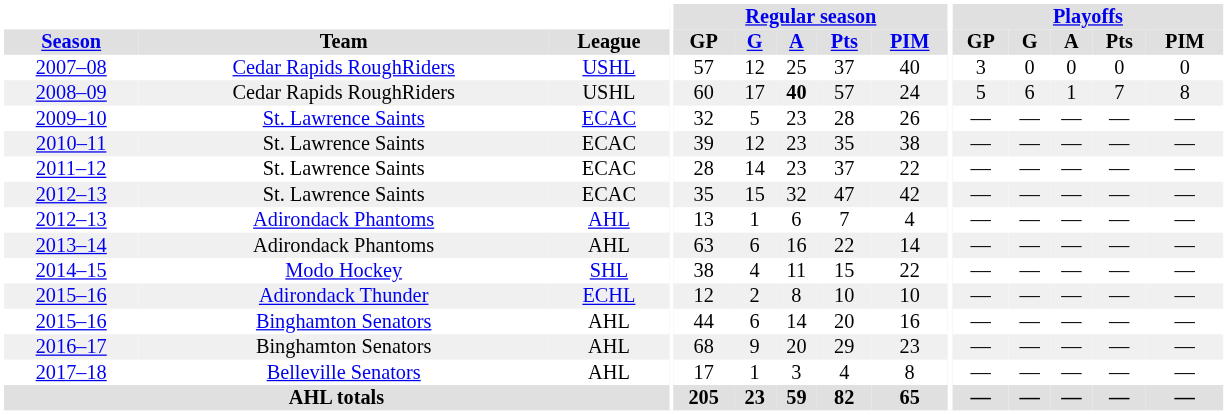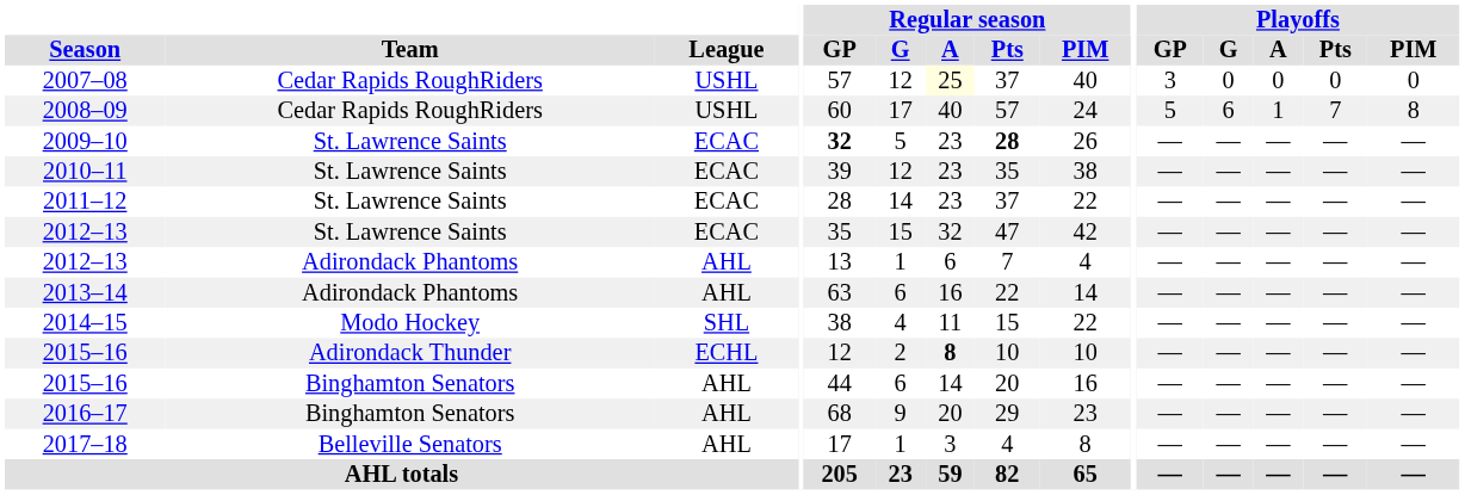 <table border="0" cellpadding="1" cellspacing="0" style="text-align:center; width:60em">
 <tr bgcolor="#e0e0e0">
 <th colspan="3" bgcolor="#ffffff"></th>
 <th rowspan="99" bgcolor="#ffffff"></th>
 <th colspan="5"><a href='#'>Regular season</a></th>
 <th rowspan="99" bgcolor="#ffffff"></th>
 <th colspan="5"><a href='#'>Playoffs</a></th>
 </tr>
 <tr bgcolor="#e0e0e0">
 <th><a href='#'>Season</a></th>
 <th>Team</th>
 <th>League</th>
 <th>GP</th>
 <th><a href='#'>G</a></th>
 <th><a href='#'>A</a></th>
 <th><a href='#'>Pts</a></th>
 <th><a href='#'>PIM</a></th>
 <th>GP</th>
 <th>G</th>
 <th>A</th>
 <th>Pts</th>
 <th>PIM</th>
 </tr>
 <tr>
 <td><a href='#'>2007–08</a></td>
 <td><a href='#'>Cedar Rapids RoughRiders</a></td>
 <td><a href='#'>USHL</a></td>
 <td>57</td>
 <td>12</td>
-<td>25</td>
+<td style="background: lightyellow;">25</td>
 <td>37</td>
 <td>40</td>
 <td>3</td>
 <td>0</td>
 <td>0</td>
 <td>0</td>
 <td>0</td>
 </tr>
 <tr bgcolor="#f0f0f0">
 <td><a href='#'>2008–09</a></td>
 <td>Cedar Rapids RoughRiders</td>
 <td>USHL</td>
 <td>60</td>
 <td>17</td>
-<td><strong>40</strong></td>
+<td>40</td>
 <td>57</td>
 <td>24</td>
 <td>5</td>
 <td>6</td>
 <td>1</td>
 <td>7</td>
 <td>8</td>
 </tr>
 <tr>
 <td><a href='#'>2009–10</a></td>
 <td><a href='#'>St. Lawrence Saints</a></td>
 <td><a href='#'>ECAC</a></td>
-<td>32</td>
+<td><strong>32</strong></td>
 <td>5</td>
 <td>23</td>
-<td>28</td>
+<td><strong>28</strong></td>
 <td>26</td>
 <td>—</td>
 <td>—</td>
 <td>—</td>
 <td>—</td>
 <td>—</td>
 </tr>
 <tr bgcolor="#f0f0f0">
 <td><a href='#'>2010–11</a></td>
 <td>St. Lawrence Saints</td>
 <td>ECAC</td>
 <td>39</td>
 <td>12</td>
 <td>23</td>
 <td>35</td>
 <td>38</td>
 <td>—</td>
 <td>—</td>
 <td>—</td>
 <td>—</td>
 <td>—</td>
 </tr>
 <tr>
 <td><a href='#'>2011–12</a></td>
 <td>St. Lawrence Saints</td>
 <td>ECAC</td>
 <td>28</td>
 <td>14</td>
 <td>23</td>
 <td>37</td>
 <td>22</td>
 <td>—</td>
 <td>—</td>
 <td>—</td>
 <td>—</td>
 <td>—</td>
 </tr>
 <tr bgcolor="#f0f0f0">
 <td><a href='#'>2012–13</a></td>
 <td>St. Lawrence Saints</td>
 <td>ECAC</td>
 <td>35</td>
 <td>15</td>
 <td>32</td>
 <td>47</td>
 <td>42</td>
 <td>—</td>
 <td>—</td>
 <td>—</td>
 <td>—</td>
 <td>—</td>
 </tr>
 <tr>
 <td><a href='#'>2012–13</a></td>
 <td><a href='#'>Adirondack Phantoms</a></td>
 <td><a href='#'>AHL</a></td>
 <td>13</td>
 <td>1</td>
 <td>6</td>
 <td>7</td>
 <td>4</td>
 <td>—</td>
 <td>—</td>
 <td>—</td>
 <td>—</td>
 <td>—</td>
 </tr>
 <tr bgcolor="#f0f0f0">
 <td><a href='#'>2013–14</a></td>
 <td>Adirondack Phantoms</td>
 <td>AHL</td>
 <td>63</td>
 <td>6</td>
 <td>16</td>
 <td>22</td>
 <td>14</td>
 <td>—</td>
 <td>—</td>
 <td>—</td>
 <td>—</td>
 <td>—</td>
 </tr>
 <tr>
 <td><a href='#'>2014–15</a></td>
 <td><a href='#'>Modo Hockey</a></td>
 <td><a href='#'>SHL</a></td>
 <td>38</td>
 <td>4</td>
 <td>11</td>
 <td>15</td>
 <td>22</td>
 <td>—</td>
 <td>—</td>
 <td>—</td>
 <td>—</td>
 <td>—</td>
 </tr>
 <tr bgcolor="#f0f0f0">
 <td><a href='#'>2015–16</a></td>
 <td><a href='#'>Adirondack Thunder</a></td>
 <td><a href='#'>ECHL</a></td>
 <td>12</td>
 <td>2</td>
-<td>8</td>
+<td><strong>8</strong></td>
 <td>10</td>
 <td>10</td>
 <td>—</td>
 <td>—</td>
 <td>—</td>
 <td>—</td>
 <td>—</td>
 </tr>
 <tr>
 <td><a href='#'>2015–16</a></td>
 <td><a href='#'>Binghamton Senators</a></td>
 <td>AHL</td>
 <td>44</td>
 <td>6</td>
 <td>14</td>
 <td>20</td>
 <td>16</td>
 <td>—</td>
 <td>—</td>
 <td>—</td>
 <td>—</td>
 <td>—</td>
 </tr>
 <tr bgcolor="#f0f0f0">
 <td><a href='#'>2016–17</a></td>
 <td>Binghamton Senators</td>
 <td>AHL</td>
 <td>68</td>
 <td>9</td>
 <td>20</td>
 <td>29</td>
 <td>23</td>
 <td>—</td>
 <td>—</td>
 <td>—</td>
 <td>—</td>
 <td>—</td>
 </tr>
 <tr>
 <td><a href='#'>2017–18</a></td>
 <td><a href='#'>Belleville Senators</a></td>
 <td>AHL</td>
 <td>17</td>
 <td>1</td>
 <td>3</td>
 <td>4</td>
 <td>8</td>
 <td>—</td>
 <td>—</td>
 <td>—</td>
 <td>—</td>
 <td>—</td>
 </tr>
 <tr bgcolor="#e0e0e0">
 <th colspan="3">AHL totals</th>
 <th>205</th>
 <th>23</th>
 <th>59</th>
 <th>82</th>
 <th>65</th>
 <th>—</th>
 <th>—</th>
 <th>—</th>
 <th>—</th>
 <th>—</th>
 </tr>
 </table>
